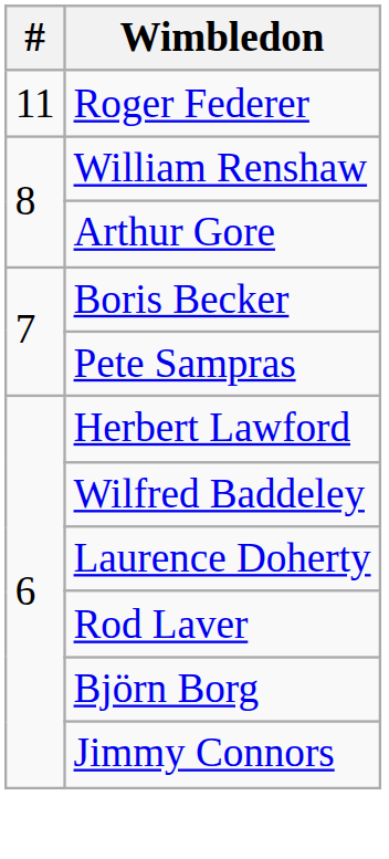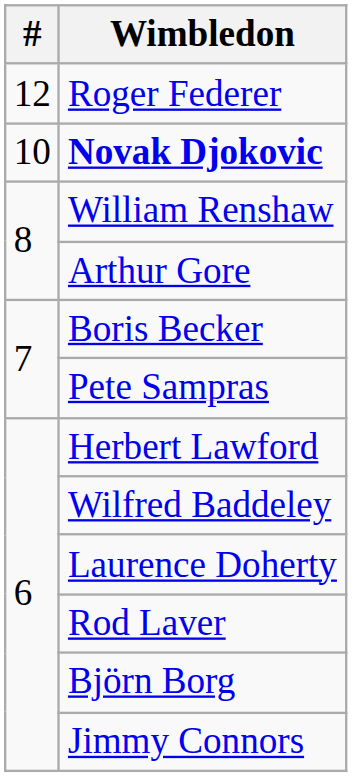 <table class=wikitable style="display:inline-table;">
 <tr>
 <th>#</th>
 <th>Wimbledon</th>
 </tr>
 <tr>
-<td>11</td>
+<td>12</td>
 <td> <a href='#'>Roger Federer</a></td>
+</tr>
+<tr>
+<td>10</td>
+<td><strong> <a href='#'>Novak Djokovic</a></strong></td>
 </tr>
 <tr>
 <td rowspan="2">8</td>
 <td> <a href='#'>William Renshaw</a></td>
 </tr>
 <tr>
 <td> <a href='#'>Arthur Gore</a></td>
 </tr>
 <tr>
 <td rowspan="2">7</td>
 <td> <a href='#'>Boris Becker</a></td>
 </tr>
 <tr>
 <td> <a href='#'>Pete Sampras</a></td>
 </tr>
 <tr>
 <td rowspan="6">6</td>
 <td> <a href='#'>Herbert Lawford</a></td>
 </tr>
 <tr>
 <td> <a href='#'>Wilfred Baddeley</a></td>
 </tr>
 <tr>
 <td> <a href='#'>Laurence Doherty</a></td>
 </tr>
 <tr>
 <td> <a href='#'>Rod Laver</a></td>
 </tr>
 <tr>
 <td> <a href='#'>Björn Borg</a></td>
 </tr>
 <tr>
 <td> <a href='#'>Jimmy Connors</a></td>
 </tr>
 </table>
